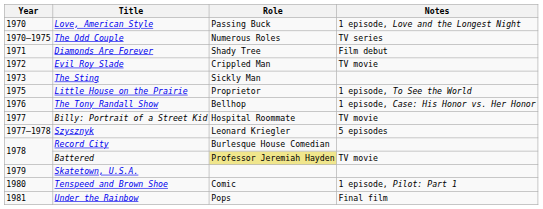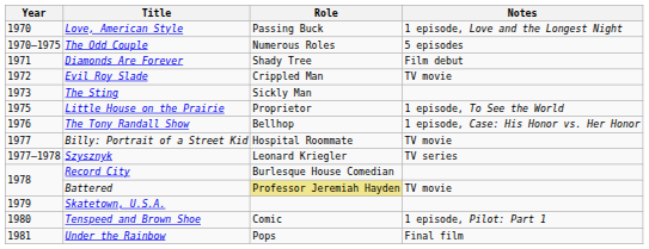 <table class="wikitable">
 <tr>
 <th>Year</th>
 <th>Title</th>
 <th>Role</th>
 <th>Notes</th>
 </tr>
 <tr>
 <td>1970</td>
 <td><em><a href='#'>Love, American Style</a></em></td>
 <td>Passing Buck</td>
 <td>1 episode, <em>Love and the Longest Night</em></td>
 </tr>
 <tr>
 <td>1970–1975</td>
 <td><em><a href='#'>The Odd Couple</a></em></td>
 <td>Numerous Roles</td>
-<td>TV series</td>
+<td>5 episodes</td>
 </tr>
 <tr>
 <td>1971</td>
 <td><em><a href='#'>Diamonds Are Forever</a></em></td>
 <td>Shady Tree</td>
 <td>Film debut</td>
 </tr>
 <tr>
 <td>1972</td>
 <td><em><a href='#'>Evil Roy Slade</a></em></td>
 <td>Crippled Man</td>
 <td>TV movie</td>
 </tr>
 <tr>
 <td>1973</td>
 <td><em><a href='#'>The Sting</a></em></td>
 <td>Sickly Man</td>
 <td></td>
 </tr>
 <tr>
 <td>1975</td>
 <td><em><a href='#'>Little House on the Prairie</a></em></td>
 <td>Proprietor</td>
 <td>1 episode, <em>To See the World</em></td>
 </tr>
 <tr>
 <td>1976</td>
 <td><em><a href='#'>The Tony Randall Show</a></em></td>
 <td>Bellhop</td>
 <td>1 episode, <em>Case: His Honor vs. Her Honor</em></td>
 </tr>
 <tr>
 <td>1977</td>
 <td><em>Billy: Portrait of a Street Kid</em></td>
 <td>Hospital Roommate</td>
 <td>TV movie</td>
 </tr>
 <tr>
 <td>1977–1978</td>
 <td><em><a href='#'>Szysznyk</a></em></td>
 <td>Leonard Kriegler</td>
-<td>5 episodes</td>
+<td>TV series</td>
 </tr>
 <tr>
 <td rowspan=2>1978</td>
 <td><em><a href='#'>Record City</a></em></td>
 <td>Burlesque House Comedian</td>
 <td></td>
 </tr>
 <tr>
 <td><em>Battered</em></td>
 <td style="background: khaki;">Professor Jeremiah Hayden</td>
 <td>TV movie</td>
 </tr>
 <tr>
 <td>1979</td>
 <td><em><a href='#'>Skatetown, U.S.A.</a></em></td>
 <td></td>
 <td></td>
 </tr>
 <tr>
 <td>1980</td>
 <td><em><a href='#'>Tenspeed and Brown Shoe</a></em></td>
 <td>Comic</td>
 <td>1 episode, <em>Pilot: Part 1</em></td>
 </tr>
 <tr>
 <td>1981</td>
 <td><em><a href='#'>Under the Rainbow</a></em></td>
 <td>Pops</td>
 <td>Final film</td>
 </tr>
 </table>
